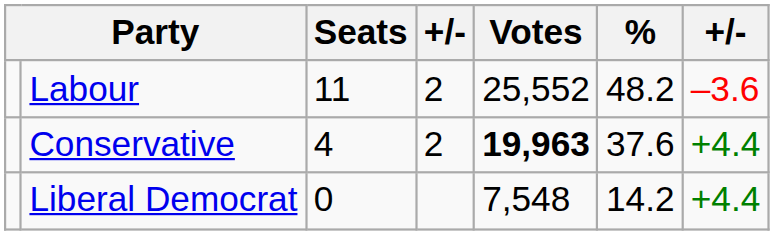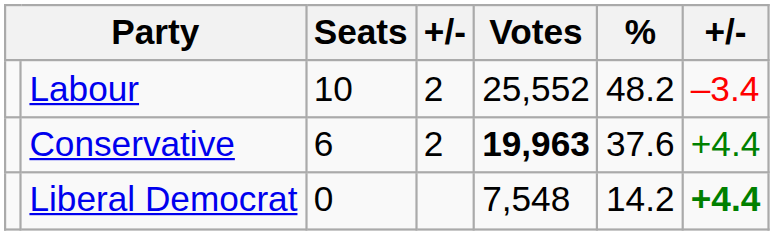 <table class="wikitable sortable">
 <tr>
 <th colspan="2">Party</th>
 <th>Seats</th>
 <th>+/-</th>
 <th>Votes</th>
 <th>%</th>
 <th>+/-</th>
 </tr>
 <tr>
 <td style="background-color: "></td>
 <td><a href='#'>Labour</a></td>
-<td>11</td>
+<td>10</td>
 <td> 2</td>
 <td>25,552</td>
 <td>48.2</td>
-<td style="color:red">–3.6</td>
+<td style="color:red">–3.4</td>
 </tr>
 <tr>
 <td style="background-color: "></td>
 <td><a href='#'>Conservative</a></td>
-<td>4</td>
+<td>6</td>
 <td> 2</td>
 <td><strong>19,963</strong></td>
 <td>37.6</td>
 <td style="color:green">+4.4</td>
 </tr>
 <tr>
 <td style="background-color: "></td>
 <td><a href='#'>Liberal Democrat</a></td>
 <td>0</td>
 <td></td>
 <td>7,548</td>
 <td>14.2</td>
-<td style="color:green">+4.4</td>
+<td style="color:green"><strong>+4.4</strong></td>
 </tr>
 </table>
